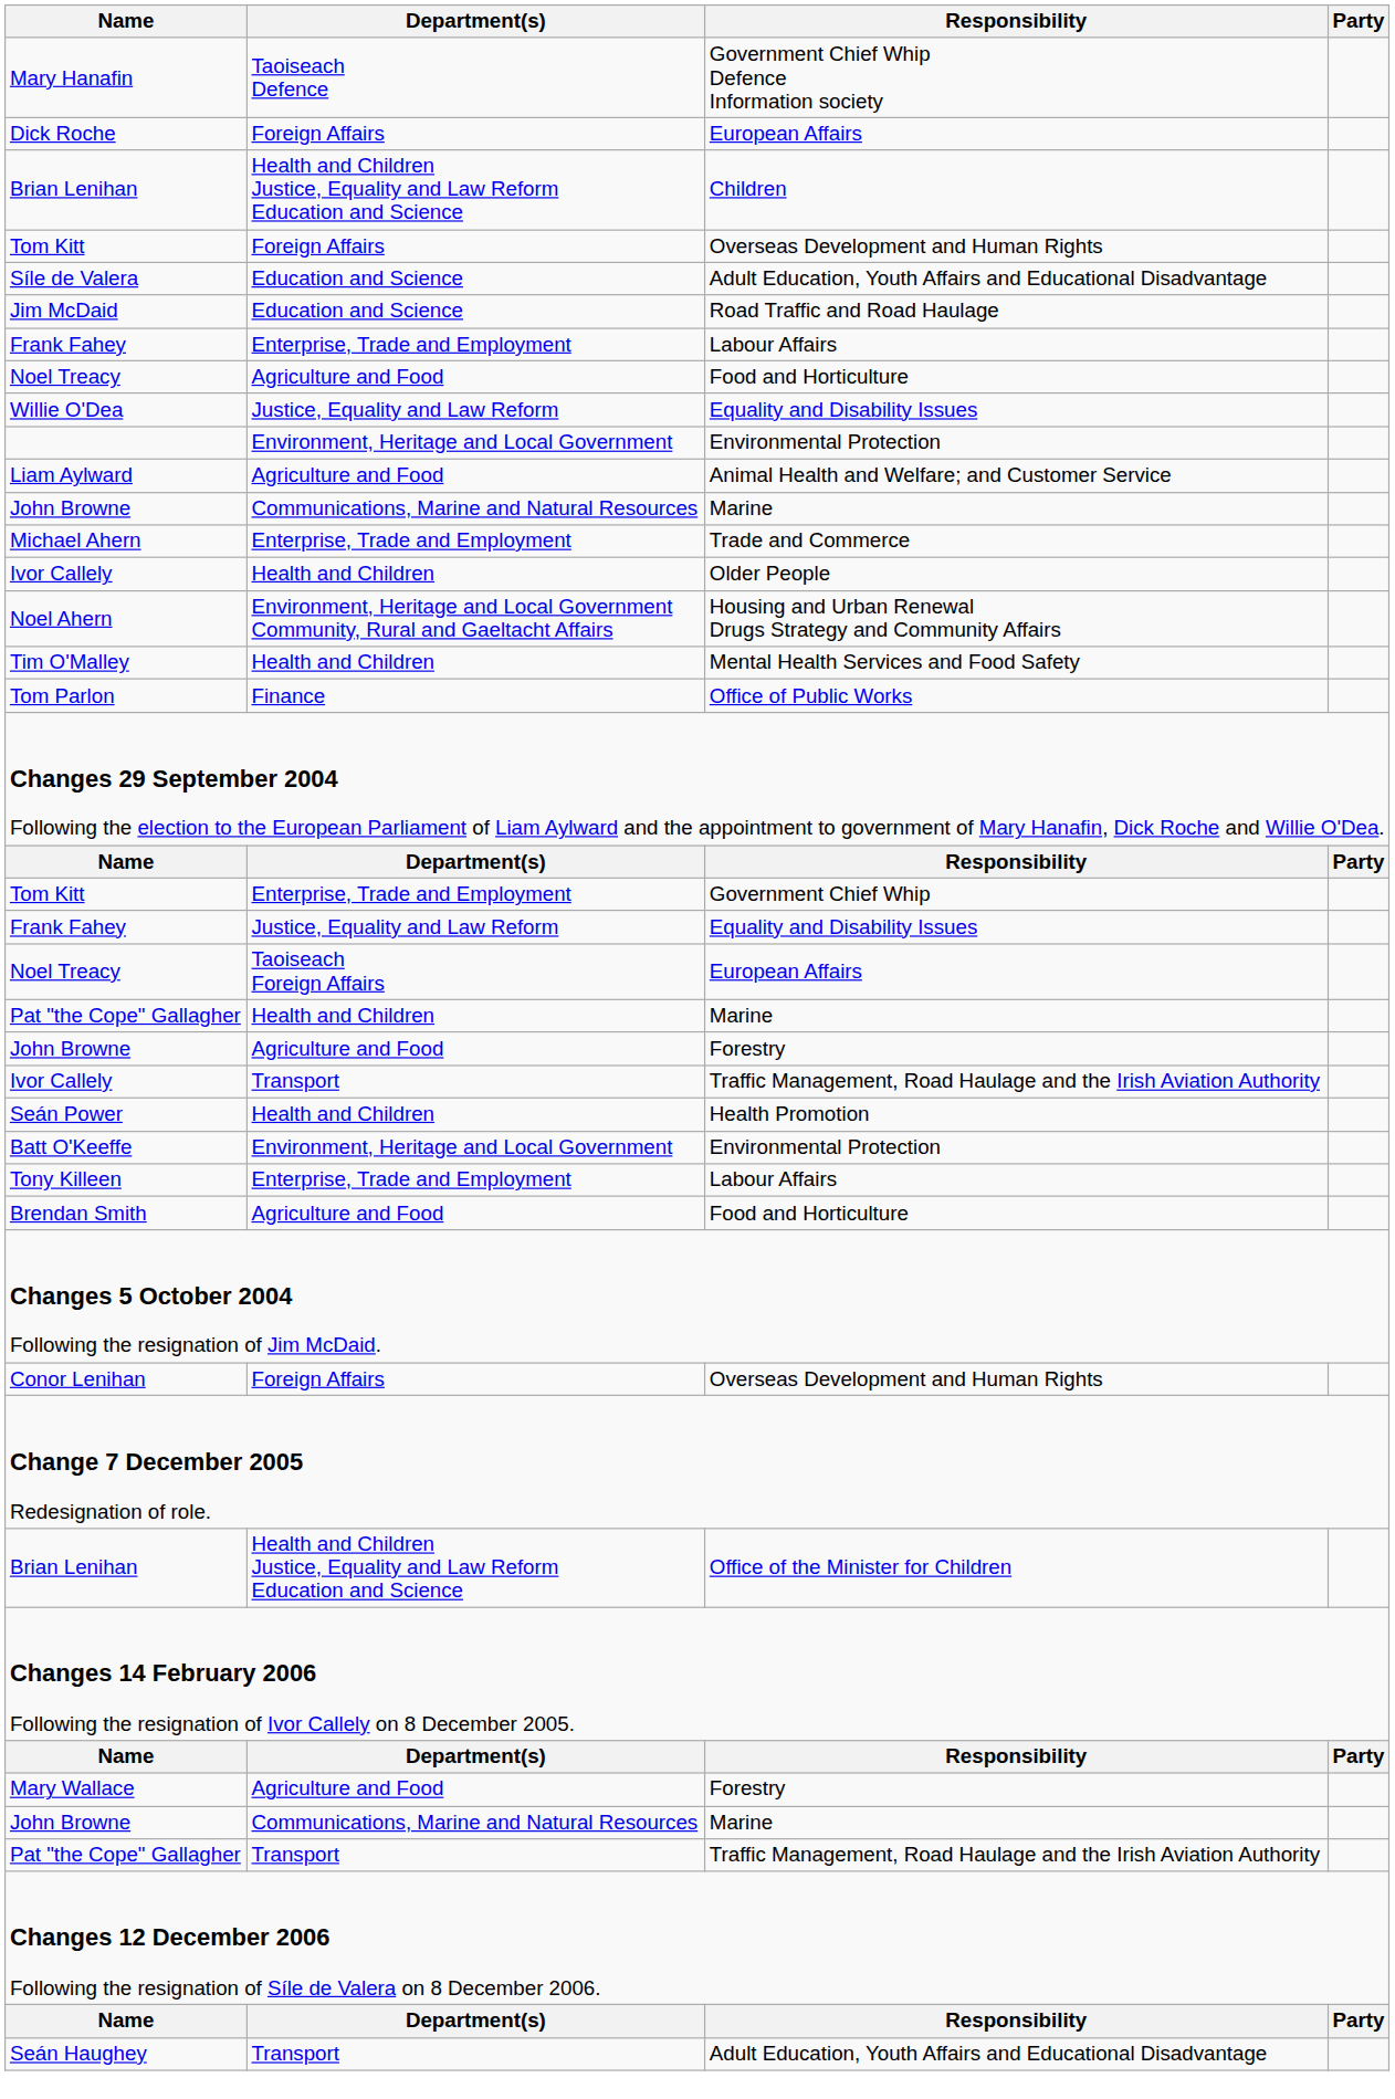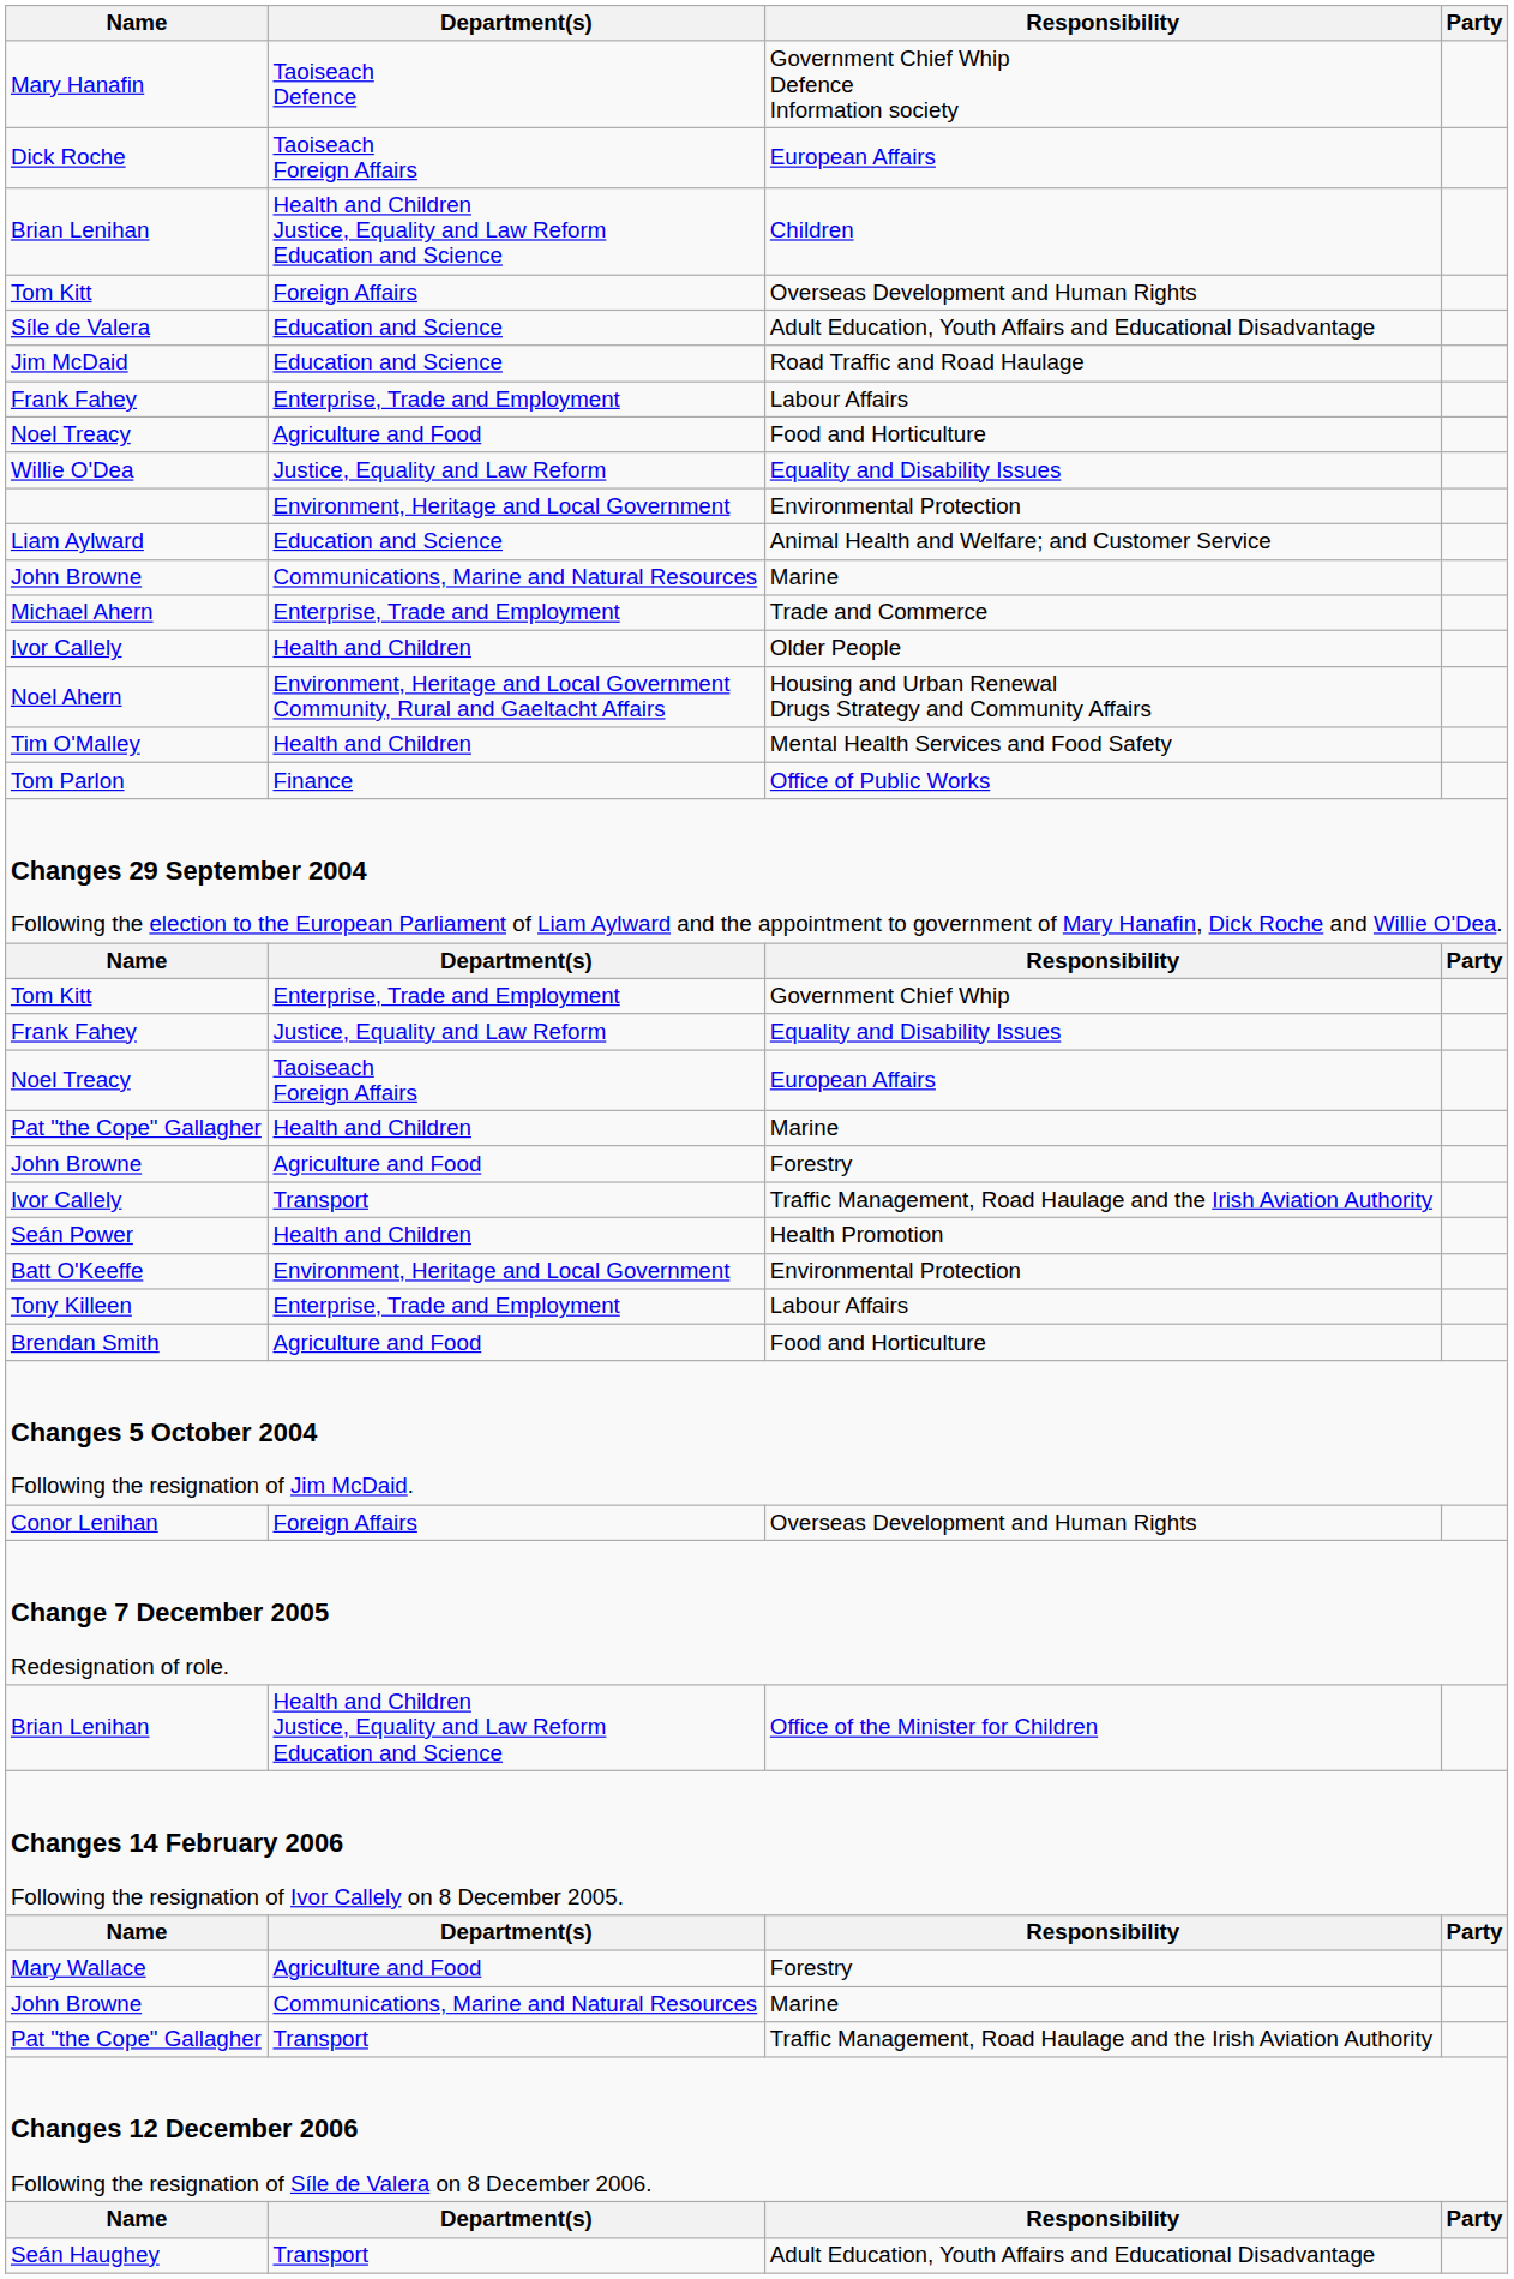 <table class="wikitable">
 <tr>
 <th>Name</th>
 <th>Department(s)</th>
 <th>Responsibility</th>
 <th colspan=2>Party</th>
 </tr>
 <tr>
 <td><a href='#'>Mary Hanafin</a><br></td>
 <td><a href='#'>Taoiseach</a><br><a href='#'>Defence</a></td>
 <td>Government Chief Whip<br>Defence<br>Information society</td>
 <td></td>
 </tr>
 <tr>
 <td><a href='#'>Dick Roche</a></td>
-<td><a href='#'>Foreign Affairs</a></td>
+<td><a href='#'>Taoiseach</a><br><a href='#'>Foreign Affairs</a></td>
 <td><a href='#'>European Affairs</a></td>
 <td></td>
 </tr>
 <tr>
 <td><a href='#'>Brian Lenihan</a></td>
 <td><a href='#'>Health and Children</a><br><a href='#'>Justice, Equality and Law Reform</a><br><a href='#'>Education and Science</a></td>
 <td><a href='#'>Children</a></td>
 <td></td>
 </tr>
 <tr>
 <td><a href='#'>Tom Kitt</a></td>
 <td><a href='#'>Foreign Affairs</a></td>
 <td>Overseas Development and Human Rights</td>
 <td></td>
 </tr>
 <tr>
 <td><a href='#'>Síle de Valera</a></td>
 <td><a href='#'>Education and Science</a></td>
 <td>Adult Education, Youth Affairs and Educational Disadvantage</td>
 <td></td>
 </tr>
 <tr>
 <td><a href='#'>Jim McDaid</a></td>
 <td><a href='#'>Education and Science</a></td>
 <td>Road Traffic and Road Haulage</td>
 <td></td>
 </tr>
 <tr>
 <td><a href='#'>Frank Fahey</a></td>
 <td><a href='#'>Enterprise, Trade and Employment</a></td>
 <td>Labour Affairs</td>
 <td></td>
 </tr>
 <tr>
 <td><a href='#'>Noel Treacy</a></td>
 <td><a href='#'>Agriculture and Food</a></td>
 <td>Food and Horticulture</td>
 <td></td>
 </tr>
 <tr>
 <td><a href='#'>Willie O'Dea</a></td>
 <td><a href='#'>Justice, Equality and Law Reform</a></td>
 <td><a href='#'>Equality and Disability Issues</a></td>
 <td></td>
 </tr>
 <tr>
 <td></td>
 <td><a href='#'>Environment, Heritage and Local Government</a></td>
 <td>Environmental Protection</td>
 <td></td>
 </tr>
 <tr>
 <td><a href='#'>Liam Aylward</a></td>
-<td><a href='#'>Agriculture and Food</a></td>
+<td><a href='#'>Education and Science</a></td>
 <td>Animal Health and Welfare; and Customer Service</td>
 <td></td>
 </tr>
 <tr>
 <td><a href='#'>John Browne</a></td>
 <td><a href='#'>Communications, Marine and Natural Resources</a></td>
 <td>Marine</td>
 <td></td>
 </tr>
 <tr>
 <td><a href='#'>Michael Ahern</a></td>
 <td><a href='#'>Enterprise, Trade and Employment</a></td>
 <td>Trade and Commerce</td>
 <td></td>
 </tr>
 <tr>
 <td><a href='#'>Ivor Callely</a></td>
 <td><a href='#'>Health and Children</a></td>
 <td>Older People</td>
 <td></td>
 </tr>
 <tr>
 <td><a href='#'>Noel Ahern</a></td>
 <td><a href='#'>Environment, Heritage and Local Government</a><br><a href='#'>Community, Rural and Gaeltacht Affairs</a></td>
 <td>Housing and Urban Renewal<br>Drugs Strategy and Community Affairs</td>
 <td></td>
 </tr>
 <tr>
 <td><a href='#'>Tim O'Malley</a></td>
 <td><a href='#'>Health and Children</a></td>
 <td>Mental Health Services and Food Safety</td>
 <td></td>
 </tr>
 <tr>
 <td><a href='#'>Tom Parlon</a></td>
 <td><a href='#'>Finance</a></td>
 <td><a href='#'>Office of Public Works</a></td>
 <td></td>
 </tr>
 <tr>
 <td colspan=5><br><h3>Changes 29 September 2004</h3>Following the <a href='#'>election to the European Parliament</a> of <a href='#'>Liam Aylward</a> and the appointment to government of <a href='#'>Mary Hanafin</a>, <a href='#'>Dick Roche</a> and <a href='#'>Willie O'Dea</a>.</td>
 </tr>
 <tr>
 <th>Name</th>
 <th>Department(s)</th>
 <th>Responsibility</th>
 <th colspan=2>Party</th>
 </tr>
 <tr>
 <td><a href='#'>Tom Kitt</a></td>
 <td><a href='#'>Enterprise, Trade and Employment</a></td>
 <td>Government Chief Whip</td>
 <td></td>
 </tr>
 <tr>
 <td><a href='#'>Frank Fahey</a></td>
 <td><a href='#'>Justice, Equality and Law Reform</a></td>
 <td><a href='#'>Equality and Disability Issues</a></td>
 <td></td>
 </tr>
 <tr>
 <td><a href='#'>Noel Treacy</a></td>
 <td><a href='#'>Taoiseach</a><br><a href='#'>Foreign Affairs</a></td>
 <td><a href='#'>European Affairs</a></td>
 <td></td>
 </tr>
 <tr>
 <td><a href='#'>Pat "the Cope" Gallagher</a></td>
 <td><a href='#'>Health and Children</a></td>
 <td>Marine</td>
 <td></td>
 </tr>
 <tr>
 <td><a href='#'>John Browne</a></td>
 <td><a href='#'>Agriculture and Food</a></td>
 <td>Forestry</td>
 <td></td>
 </tr>
 <tr>
 <td><a href='#'>Ivor Callely</a></td>
 <td><a href='#'>Transport</a></td>
 <td>Traffic Management, Road Haulage and the <a href='#'>Irish Aviation Authority</a></td>
 <td></td>
 </tr>
 <tr>
 <td><a href='#'>Seán Power</a></td>
 <td><a href='#'>Health and Children</a></td>
 <td>Health Promotion</td>
 <td></td>
 </tr>
 <tr>
 <td><a href='#'>Batt O'Keeffe</a></td>
 <td><a href='#'>Environment, Heritage and Local Government</a></td>
 <td>Environmental Protection</td>
 <td></td>
 </tr>
 <tr>
 <td><a href='#'>Tony Killeen</a></td>
 <td><a href='#'>Enterprise, Trade and Employment</a></td>
 <td>Labour Affairs</td>
 <td></td>
 </tr>
 <tr>
 <td><a href='#'>Brendan Smith</a></td>
 <td><a href='#'>Agriculture and Food</a></td>
 <td>Food and Horticulture</td>
 <td></td>
 </tr>
 <tr>
 <td colspan=5><br><h3>Changes 5 October 2004</h3>Following the resignation of <a href='#'>Jim McDaid</a>.</td>
 </tr>
 <tr>
 <td><a href='#'>Conor Lenihan</a></td>
 <td><a href='#'>Foreign Affairs</a></td>
 <td>Overseas Development and Human Rights</td>
 <td></td>
 </tr>
 <tr>
 <td colspan=5><br><h3>Change 7 December 2005</h3>Redesignation of role.</td>
 </tr>
 <tr>
 <td><a href='#'>Brian Lenihan</a><br></td>
 <td><a href='#'>Health and Children</a><br><a href='#'>Justice, Equality and Law Reform</a><br><a href='#'>Education and Science</a></td>
 <td><a href='#'>Office of the Minister for Children</a></td>
 <td></td>
 </tr>
 <tr>
 <td colspan=5><br><h3>Changes 14 February 2006</h3>Following the resignation of <a href='#'>Ivor Callely</a> on 8 December 2005.</td>
 </tr>
 <tr>
 <th>Name</th>
 <th>Department(s)</th>
 <th>Responsibility</th>
 <th colspan=2>Party</th>
 </tr>
 <tr>
 <td><a href='#'>Mary Wallace</a></td>
 <td><a href='#'>Agriculture and Food</a></td>
 <td>Forestry</td>
 <td></td>
 </tr>
 <tr>
 <td><a href='#'>John Browne</a></td>
 <td><a href='#'>Communications, Marine and Natural Resources</a></td>
 <td>Marine</td>
 <td></td>
 </tr>
 <tr>
 <td><a href='#'>Pat "the Cope" Gallagher</a></td>
 <td><a href='#'>Transport</a></td>
 <td>Traffic Management, Road Haulage and the Irish Aviation Authority</td>
 <td></td>
 </tr>
 <tr>
 <td colspan=5><br><h3>Changes 12 December 2006</h3>Following the resignation of <a href='#'>Síle de Valera</a> on 8 December 2006.</td>
 </tr>
 <tr>
 <th>Name</th>
 <th>Department(s)</th>
 <th>Responsibility</th>
 <th colspan=2>Party</th>
 </tr>
 <tr>
 <td><a href='#'>Seán Haughey</a></td>
 <td><a href='#'>Transport</a></td>
 <td>Adult Education, Youth Affairs and Educational Disadvantage</td>
 <td></td>
 </tr>
 </table>
